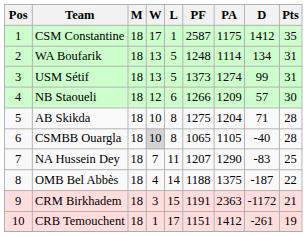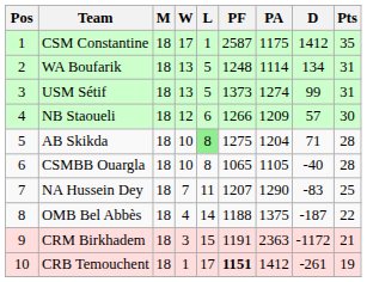 <table class="wikitable" style="text-align:center; font-size:90%">
 <tr>
 <th width=25>Pos</th>
 <th>Team</th>
 <th>M</th>
 <th>W</th>
 <th>L</th>
 <th>PF</th>
 <th>PA</th>
 <th>D</th>
 <th>Pts</th>
 </tr>
 <tr bgcolor=#ccffcc>
 <td>1</td>
 <td align="left">CSM Constantine</td>
 <td>18</td>
 <td>17</td>
 <td>1</td>
 <td>2587</td>
 <td>1175</td>
 <td>1412</td>
 <td>35</td>
 </tr>
 <tr bgcolor=#ccffcc>
 <td>2</td>
 <td align="left">WA Boufarik</td>
 <td>18</td>
 <td>13</td>
 <td>5</td>
 <td>1248</td>
 <td>1114</td>
 <td>134</td>
 <td>31</td>
 </tr>
 <tr bgcolor=#ccffcc>
 <td>3</td>
 <td align="left">USM Sétif</td>
 <td>18</td>
 <td>13</td>
 <td>5</td>
 <td>1373</td>
 <td>1274</td>
 <td>99</td>
 <td>31</td>
 </tr>
 <tr bgcolor=#ccffcc>
 <td>4</td>
 <td align="left">NB Staoueli</td>
 <td>18</td>
 <td>12</td>
 <td>6</td>
 <td>1266</td>
 <td>1209</td>
 <td>57</td>
 <td>30</td>
 </tr>
 <tr>
 <td>5</td>
 <td align="left">AB Skikda</td>
 <td>18</td>
 <td>10</td>
-<td>8</td>
+<td style="background: lightgreen;">8</td>
 <td>1275</td>
 <td>1204</td>
 <td>71</td>
 <td>28</td>
 </tr>
 <tr>
 <td>6</td>
 <td align="left">CSMBB Ouargla</td>
 <td>18</td>
-<td style="background: lightgrey;">10</td>
+<td>10</td>
 <td>8</td>
 <td>1065</td>
 <td>1105</td>
 <td>-40</td>
 <td>28</td>
 </tr>
 <tr>
 <td>7</td>
 <td align="left">NA Hussein Dey</td>
 <td>18</td>
 <td>7</td>
 <td>11</td>
 <td>1207</td>
 <td>1290</td>
 <td>-83</td>
 <td>25</td>
 </tr>
 <tr>
 <td>8</td>
 <td align=left>OMB Bel Abbès</td>
 <td>18</td>
 <td>4</td>
 <td>14</td>
 <td>1188</td>
 <td>1375</td>
 <td>-187</td>
 <td>22</td>
 </tr>
 <tr bgcolor=#ffdddd>
 <td>9</td>
 <td align=left>CRM Birkhadem</td>
 <td>18</td>
 <td>3</td>
 <td>15</td>
 <td>1191</td>
 <td>2363</td>
 <td>-1172</td>
 <td>21</td>
 </tr>
 <tr bgcolor=#ffdddd>
 <td>10</td>
 <td align=left>CRB Temouchent</td>
 <td>18</td>
 <td>1</td>
 <td>17</td>
-<td>1151</td>
+<td><strong>1151</strong></td>
 <td>1412</td>
 <td>-261</td>
 <td>19</td>
 </tr>
 <tr>
 </tr>
 </table>
